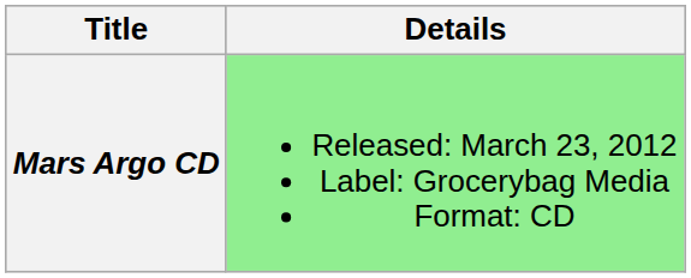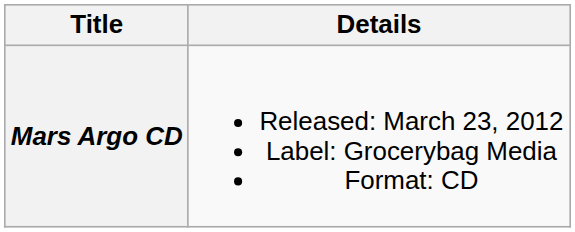 <table class="wikitable plainrowheaders" style="text-align:center;">
 <tr>
 <th scope="col">Title</th>
 <th scope="col">Details</th>
 </tr>
 <tr>
 <th scope="row"><em>Mars Argo CD</em></th>
-<td style="background: lightgreen;"><br><ul><li>Released: March 23, 2012</li><li>Label: Grocerybag Media</li><li>Format: CD</li></ul></td>
+<td><br><ul><li>Released: March 23, 2012</li><li>Label: Grocerybag Media</li><li>Format: CD</li></ul></td>
 </tr>
 </table>
